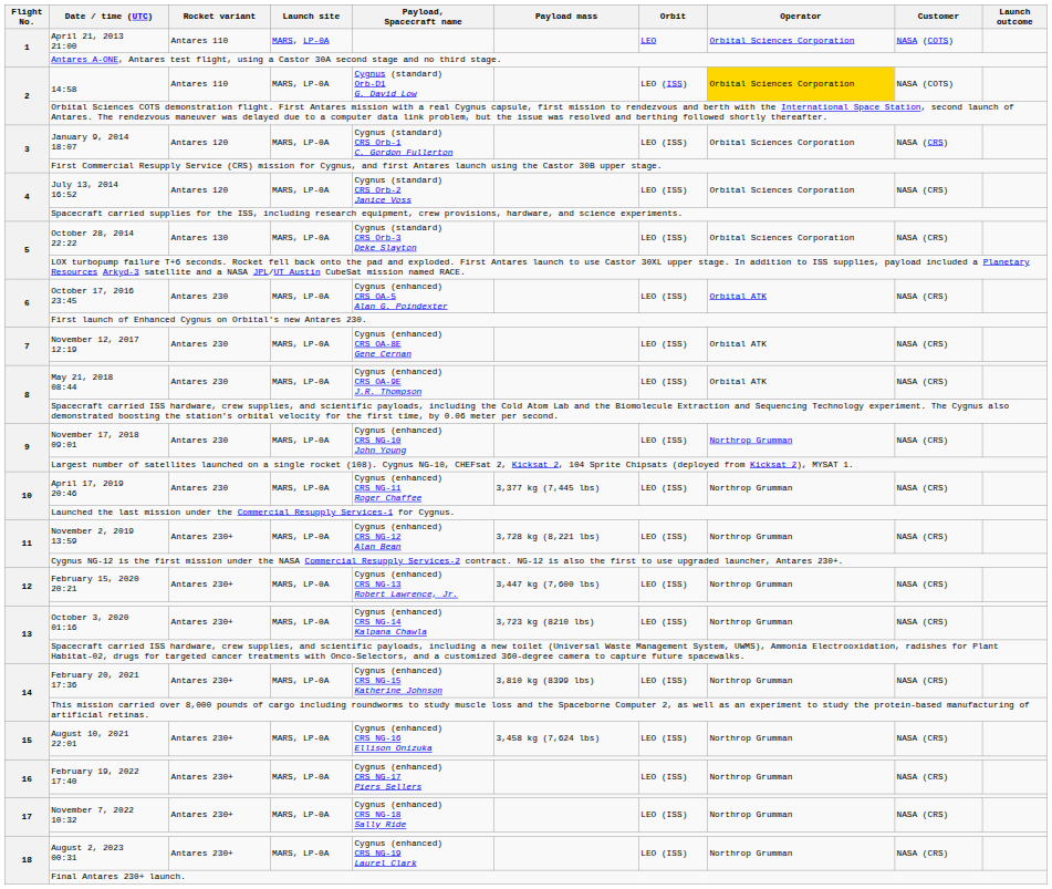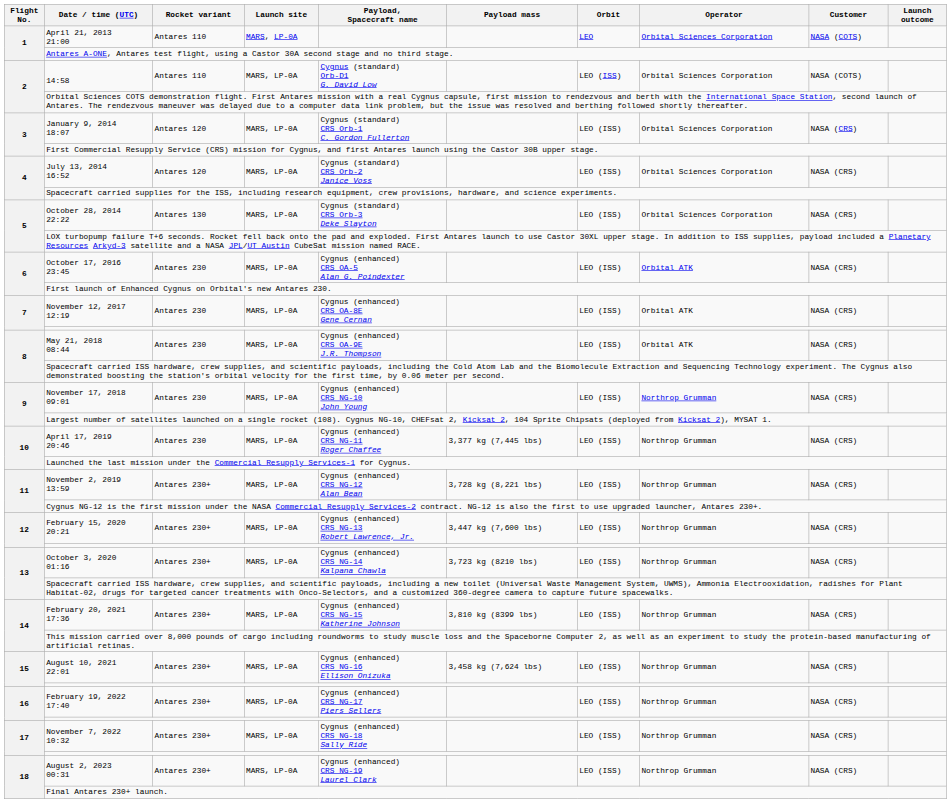 <table class="wikitable sticky-header">
 <tr>
 <th scope="col">Flight No.</th>
 <th scope="col">Date / time (<a href='#'>UTC</a>)</th>
 <th scope="col">Rocket variant</th>
 <th scope="col">Launch site</th>
 <th scope="col">Payload, <br> Spacecraft name</th>
 <th scope="col">Payload mass</th>
 <th scope="col">Orbit</th>
 <th scope="col">Operator</th>
 <th scope="col">Customer</th>
 <th scope="col">Launch <br> outcome</th>
 </tr>
 <tr>
 <th scope="row" rowspan=2 style="text-align:center;">1</th>
 <td>April 21, 2013<br>21:00</td>
 <td>Antares 110</td>
 <td><a href='#'>MARS</a>, <a href='#'>LP-0A</a></td>
 <td></td>
 <td></td>
 <td><a href='#'>LEO</a></td>
 <td><a href='#'>Orbital Sciences Corporation</a></td>
 <td><a href='#'>NASA</a> (<a href='#'>COTS</a>)</td>
 <td></td>
 </tr>
 <tr>
 <td colspan="9"><a href='#'>Antares A-ONE</a>, Antares test flight, using a Castor 30A second stage and no third stage.</td>
 </tr>
 <tr>
 <th scope="row" rowspan=2 style="text-align:center;">2</th>
 <td><br>14:58</td>
 <td>Antares 110</td>
 <td>MARS, LP-0A</td>
 <td><a href='#'>Cygnus</a> (standard)<br><a href='#'>Orb-D1</a><br><em><a href='#'>G. David Low</a></em></td>
 <td></td>
 <td>LEO (<a href='#'>ISS</a>)</td>
-<td style="background: gold;">Orbital Sciences Corporation</td>
+<td>Orbital Sciences Corporation</td>
 <td>NASA (COTS)</td>
 <td></td>
 </tr>
 <tr>
 <td colspan="9">Orbital Sciences COTS demonstration flight. First Antares mission with a real Cygnus capsule, first mission to rendezvous and berth with the <a href='#'>International Space Station</a>, second launch of Antares. The rendezvous maneuver was delayed due to a computer data link problem, but the issue was resolved and berthing followed shortly thereafter.</td>
 </tr>
 <tr>
 <th scope="row" rowspan=2 style="text-align:center;">3</th>
 <td>January 9, 2014<br>18:07</td>
 <td>Antares 120</td>
 <td>MARS, LP-0A</td>
 <td>Cygnus (standard)<br><a href='#'>CRS Orb-1</a><br><em><a href='#'>C. Gordon Fullerton</a></em></td>
 <td></td>
 <td>LEO (ISS)</td>
 <td>Orbital Sciences Corporation</td>
 <td>NASA (<a href='#'>CRS</a>)</td>
 <td></td>
 </tr>
 <tr>
 <td colspan="9">First Commercial Resupply Service (CRS) mission for Cygnus, and first Antares launch using the Castor 30B upper stage.</td>
 </tr>
 <tr>
 <th scope="row" rowspan=2 style="text-align:center;">4</th>
 <td>July 13, 2014<br>16:52</td>
 <td>Antares 120</td>
 <td>MARS, LP-0A</td>
 <td>Cygnus (standard)<br><a href='#'>CRS Orb-2</a><br><em><a href='#'>Janice Voss</a></em></td>
 <td></td>
 <td>LEO (ISS)</td>
 <td>Orbital Sciences Corporation</td>
 <td>NASA (CRS)</td>
 <td></td>
 </tr>
 <tr>
 <td colspan="9">Spacecraft carried supplies for the ISS, including research equipment, crew provisions, hardware, and science experiments.</td>
 </tr>
 <tr>
 <th scope="row" rowspan=2 style="text-align:center;">5</th>
 <td>October 28, 2014<br>22:22</td>
 <td>Antares 130</td>
 <td>MARS, LP-0A</td>
 <td>Cygnus (standard)<br><a href='#'>CRS Orb-3</a><br><em><a href='#'>Deke Slayton</a></em></td>
 <td></td>
 <td>LEO (ISS)</td>
 <td>Orbital Sciences Corporation</td>
 <td>NASA (CRS)</td>
 <td></td>
 </tr>
 <tr>
 <td colspan="9">LOX turbopump failure T+6 seconds. Rocket fell back onto the pad and exploded. First Antares launch to use Castor 30XL upper stage. In addition to ISS supplies, payload included a <a href='#'>Planetary Resources</a> <a href='#'>Arkyd-3</a> satellite and a NASA <a href='#'>JPL</a>/<a href='#'>UT Austin</a> CubeSat mission named RACE.</td>
 </tr>
 <tr>
 <th scope="row" rowspan=2 style="text-align:center;">6</th>
 <td>October 17, 2016<br>23:45</td>
 <td>Antares 230</td>
 <td>MARS, LP-0A</td>
 <td>Cygnus (enhanced)<br><a href='#'>CRS OA-5</a><br><em><a href='#'>Alan G. Poindexter</a></em></td>
 <td></td>
 <td>LEO (ISS)</td>
 <td><a href='#'>Orbital ATK</a></td>
 <td>NASA (CRS)</td>
 <td></td>
 </tr>
 <tr>
 <td colspan="9">First launch of Enhanced Cygnus on Orbital's new Antares 230.</td>
 </tr>
 <tr>
 <th scope="row" rowspan=2 style="text-align:center;">7</th>
 <td>November 12, 2017<br>12:19</td>
 <td>Antares 230</td>
 <td>MARS, LP-0A</td>
 <td>Cygnus (enhanced)<br><a href='#'>CRS OA-8E</a><br><em><a href='#'>Gene Cernan</a></em></td>
 <td></td>
 <td>LEO (ISS)</td>
 <td>Orbital ATK</td>
 <td>NASA (CRS)</td>
 <td></td>
 </tr>
 <tr>
 <td colspan="9"></td>
 </tr>
 <tr>
 <th scope="row" rowspan = 2 style="text-align:center;">8</th>
 <td>May 21, 2018<br>08:44</td>
 <td>Antares 230</td>
 <td>MARS, LP-0A</td>
 <td>Cygnus (enhanced)<br><a href='#'>CRS OA-9E</a><br><em><a href='#'>J.R. Thompson</a></em></td>
 <td></td>
 <td>LEO (ISS)</td>
 <td>Orbital ATK</td>
 <td>NASA (CRS)</td>
 <td></td>
 </tr>
 <tr>
 <td colspan="9">Spacecraft carried ISS hardware, crew supplies, and scientific payloads, including the Cold Atom Lab and the Biomolecule Extraction and Sequencing Technology experiment. The Cygnus also demonstrated boosting the station's orbital velocity for the first time, by 0.06 meter per second.</td>
 </tr>
 <tr>
 <th scope="row" rowspan = 2 style="text-align:center;">9</th>
 <td>November 17, 2018<br>09:01</td>
 <td>Antares 230</td>
 <td>MARS, LP-0A</td>
 <td>Cygnus (enhanced)<br><a href='#'>CRS NG-10</a><br><em><a href='#'>John Young</a></em></td>
 <td></td>
 <td>LEO (ISS)</td>
 <td><a href='#'>Northrop Grumman</a></td>
 <td>NASA (CRS)</td>
 <td></td>
 </tr>
 <tr>
 <td colspan="9">Largest number of satellites launched on a single rocket (108). Cygnus NG-10, CHEFsat 2, <a href='#'>Kicksat 2</a>, 104 Sprite Chipsats (deployed from <a href='#'>Kicksat 2</a>), MYSAT 1.</td>
 </tr>
 <tr>
 <th scope="row" rowspan=2 style="text-align:center;">10</th>
 <td>April 17, 2019<br>20:46</td>
 <td>Antares 230</td>
 <td>MARS, LP-0A</td>
 <td>Cygnus (enhanced)<br><a href='#'>CRS NG-11</a><br><em><a href='#'>Roger Chaffee</a></em></td>
 <td>3,377 kg (7,445 lbs)</td>
 <td>LEO (ISS)</td>
 <td>Northrop Grumman</td>
 <td>NASA (CRS)</td>
 <td></td>
 </tr>
 <tr>
 <td colspan="9">Launched the last mission under the <a href='#'>Commercial Resupply Services-1</a> for Cygnus.</td>
 </tr>
 <tr>
 <th scope="row" rowspan=2 style="text-align:center;">11</th>
 <td>November 2, 2019<br>13:59</td>
 <td>Antares 230+</td>
 <td>MARS, LP-0A</td>
 <td>Cygnus (enhanced)<br><a href='#'>CRS NG-12</a><br><em><a href='#'>Alan Bean</a></em></td>
 <td>3,728 kg (8,221 lbs)</td>
 <td>LEO (ISS)</td>
 <td>Northrop Grumman</td>
 <td>NASA (CRS)</td>
 <td></td>
 </tr>
 <tr>
 <td colspan="9">Cygnus NG-12 is the first mission under the NASA <a href='#'>Commercial Resupply Services-2</a> contract. NG-12 is also the first to use upgraded launcher, Antares 230+.</td>
 </tr>
 <tr>
 <th scope="row" rowspan=2 style="text-align:center;">12</th>
 <td>February 15, 2020<br>20:21</td>
 <td>Antares 230+</td>
 <td>MARS, LP-0A</td>
 <td>Cygnus (enhanced)<br><a href='#'>CRS NG-13</a><br><em><a href='#'>Robert Lawrence, Jr.</a></em></td>
 <td>3,447 kg (7,600 lbs)</td>
 <td>LEO (ISS)</td>
 <td>Northrop Grumman</td>
 <td>NASA (CRS)</td>
 <td></td>
 </tr>
 <tr>
 <td colspan="9"></td>
 </tr>
 <tr>
 <th scope="row" rowspan=2 style="text-align:center;">13</th>
 <td>October 3, 2020<br>01:16</td>
 <td>Antares 230+</td>
 <td>MARS, LP-0A</td>
 <td>Cygnus (enhanced)<br><a href='#'>CRS NG-14</a><br><em><a href='#'>Kalpana Chawla</a></em></td>
 <td>3,723 kg (8210 lbs)</td>
 <td>LEO (ISS)</td>
 <td>Northrop Grumman</td>
 <td>NASA (CRS)</td>
 <td></td>
 </tr>
 <tr>
 <td colspan="9">Spacecraft carried ISS hardware, crew supplies, and scientific payloads, including a new toilet (Universal Waste Management System, UWMS), Ammonia Electrooxidation, radishes for Plant Habitat-02, drugs for targeted cancer treatments with Onco-Selectors, and a customized 360-degree camera to capture future spacewalks.</td>
 </tr>
 <tr>
 <th scope="row" rowspan=2 style="text-align:center;">14</th>
 <td>February 20, 2021<br>17:36</td>
 <td>Antares 230+</td>
 <td>MARS, LP-0A</td>
 <td>Cygnus (enhanced)<br><a href='#'>CRS NG-15</a><br><em><a href='#'>Katherine Johnson</a></em></td>
 <td>3,810 kg (8399 lbs)</td>
 <td>LEO (ISS)</td>
 <td>Northrop Grumman</td>
 <td>NASA (CRS)</td>
 <td></td>
 </tr>
 <tr>
 <td colspan="9">This mission carried over 8,000 pounds of cargo including roundworms to study muscle loss and the Spaceborne Computer 2, as well as an experiment to study the protein-based manufacturing of artificial retinas.</td>
 </tr>
 <tr>
 <th scope="row" rowspan=2 style="text-align:center;">15</th>
 <td>August 10, 2021<br>22:01</td>
 <td>Antares 230+</td>
 <td>MARS, LP-0A</td>
 <td>Cygnus (enhanced)<br><a href='#'>CRS NG-16</a><br><em><a href='#'>Ellison Onizuka</a></em></td>
 <td>3,458 kg (7,624 lbs)</td>
 <td>LEO (ISS)</td>
 <td>Northrop Grumman</td>
 <td>NASA (CRS)</td>
 <td></td>
 </tr>
 <tr>
 <td colspan="9"></td>
 </tr>
 <tr>
 <th scope="row" rowspan=2 style="text-align:center;">16</th>
 <td>February 19, 2022<br>17:40</td>
 <td>Antares 230+</td>
 <td>MARS, LP-0A</td>
 <td>Cygnus (enhanced)<br><a href='#'>CRS NG-17</a><br><em><a href='#'>Piers Sellers</a></em></td>
 <td></td>
 <td>LEO (ISS)</td>
 <td>Northrop Grumman</td>
 <td>NASA (CRS)</td>
 <td></td>
 </tr>
 <tr>
 <td colspan="9"></td>
 </tr>
 <tr>
 <th scope="row" rowspan=2 style="text-align:center;">17</th>
 <td>November 7, 2022<br>10:32</td>
 <td>Antares 230+</td>
 <td>MARS, LP-0A</td>
 <td>Cygnus (enhanced)<br><a href='#'>CRS NG-18</a><br><em><a href='#'>Sally Ride</a></em></td>
 <td></td>
 <td>LEO (ISS)</td>
 <td>Northrop Grumman</td>
 <td>NASA (CRS)</td>
 <td></td>
 </tr>
 <tr>
 <td colspan="9"></td>
 </tr>
 <tr>
 <th scope="row" rowspan=2 style="text-align:center;">18</th>
 <td>August 2, 2023<br>00:31</td>
 <td>Antares 230+</td>
 <td>MARS, LP-0A</td>
 <td>Cygnus (enhanced)<br><a href='#'>CRS NG-19</a><br><em><a href='#'>Laurel Clark</a></em></td>
 <td></td>
 <td>LEO (ISS)</td>
 <td>Northrop Grumman</td>
 <td>NASA (CRS)</td>
 <td></td>
 </tr>
 <tr>
 <td colspan="9">Final Antares 230+ launch.</td>
 </tr>
 </table>
